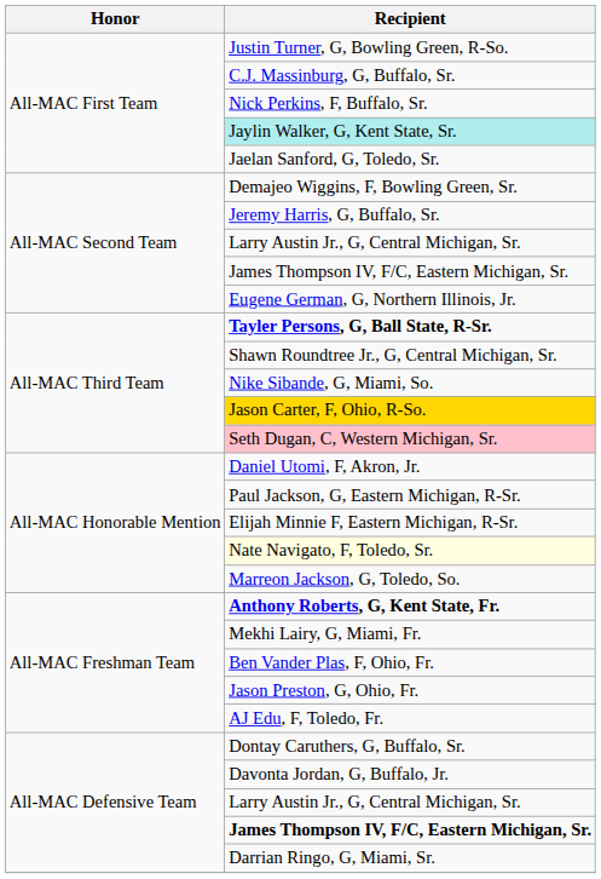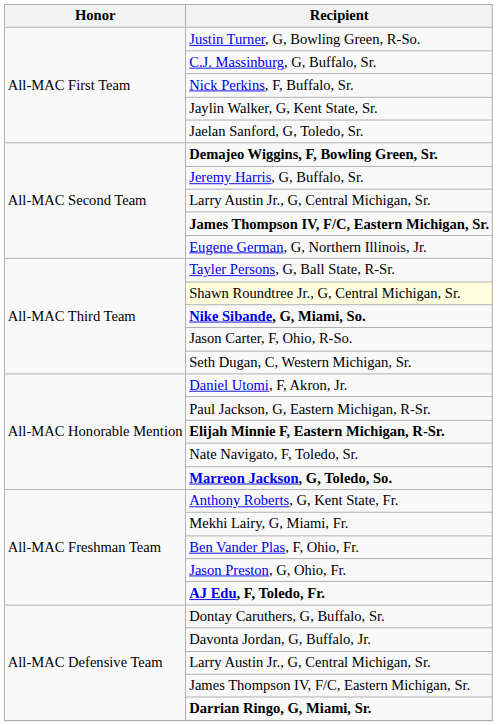 <table class="wikitable" border="1">
 <tr>
 <th>Honor</th>
 <th>Recipient</th>
 </tr>
 <tr>
 <td rowspan=5 valign=middle>All-MAC First Team</td>
 <td><a href='#'>Justin Turner</a>, G, Bowling Green, R-So.</td>
 </tr>
 <tr>
 <td><a href='#'>C.J. Massinburg</a>, G, Buffalo, Sr.</td>
 </tr>
 <tr>
 <td><a href='#'>Nick Perkins</a>, F, Buffalo, Sr.</td>
 </tr>
 <tr>
-<td style="background: paleturquoise;">Jaylin Walker, G, Kent State, Sr.</td>
+<td>Jaylin Walker, G, Kent State, Sr.</td>
 </tr>
 <tr>
 <td>Jaelan Sanford, G, Toledo, Sr.</td>
 </tr>
 <tr>
 <td rowspan=5 valign=middle>All-MAC Second Team</td>
-<td>Demajeo Wiggins, F, Bowling Green, Sr.</td>
+<td><strong>Demajeo Wiggins, F, Bowling Green, Sr.</strong></td>
 </tr>
 <tr>
 <td><a href='#'>Jeremy Harris</a>, G, Buffalo, Sr.</td>
 </tr>
 <tr>
 <td>Larry Austin Jr., G, Central Michigan, Sr.</td>
 </tr>
 <tr>
-<td>James Thompson IV, F/C, Eastern Michigan, Sr.</td>
+<td><strong>James Thompson IV, F/C, Eastern Michigan, Sr.</strong></td>
 </tr>
 <tr>
 <td><a href='#'>Eugene German</a>, G, Northern Illinois, Jr.</td>
 </tr>
 <tr>
 <td rowspan=5 valign=middle>All-MAC Third Team</td>
-<td><strong><a href='#'>Tayler Persons</a>, G, Ball State, R-Sr.</strong></td>
+<td><a href='#'>Tayler Persons</a>, G, Ball State, R-Sr.</td>
 </tr>
 <tr>
-<td>Shawn Roundtree Jr., G, Central Michigan, Sr.</td>
+<td style="background: lightyellow;">Shawn Roundtree Jr., G, Central Michigan, Sr.</td>
 </tr>
 <tr>
-<td><a href='#'>Nike Sibande</a>, G, Miami, So.</td>
+<td><strong><a href='#'>Nike Sibande</a>, G, Miami, So.</strong></td>
 </tr>
 <tr>
-<td style="background: gold;">Jason Carter, F, Ohio, R-So.</td>
+<td>Jason Carter, F, Ohio, R-So.</td>
 </tr>
 <tr>
-<td style="background: pink;">Seth Dugan, C, Western Michigan, Sr.</td>
+<td>Seth Dugan, C, Western Michigan, Sr.</td>
 </tr>
 <tr>
 <td rowspan=5 valign=middle>All-MAC Honorable Mention</td>
 <td><a href='#'>Daniel Utomi</a>, F, Akron, Jr.</td>
 </tr>
 <tr>
 <td>Paul Jackson, G, Eastern Michigan, R-Sr.</td>
 </tr>
 <tr>
-<td>Elijah Minnie F, Eastern Michigan, R-Sr.</td>
+<td><strong>Elijah Minnie F, Eastern Michigan, R-Sr.</strong></td>
 </tr>
 <tr>
-<td style="background: lightyellow;">Nate Navigato, F, Toledo, Sr.</td>
+<td>Nate Navigato, F, Toledo, Sr.</td>
 </tr>
 <tr>
-<td><a href='#'>Marreon Jackson</a>, G, Toledo, So.</td>
+<td><strong><a href='#'>Marreon Jackson</a>, G, Toledo, So.</strong></td>
 </tr>
 <tr>
 <td rowspan=5 valign=middle>All-MAC Freshman Team</td>
-<td><strong><a href='#'>Anthony Roberts</a>, G, Kent State, Fr.</strong></td>
+<td><a href='#'>Anthony Roberts</a>, G, Kent State, Fr.</td>
 </tr>
 <tr>
 <td>Mekhi Lairy, G, Miami, Fr.</td>
 </tr>
 <tr>
 <td><a href='#'>Ben Vander Plas</a>, F, Ohio, Fr.</td>
 </tr>
 <tr>
 <td><a href='#'>Jason Preston</a>, G, Ohio, Fr.</td>
 </tr>
 <tr>
-<td><a href='#'>AJ Edu</a>, F, Toledo, Fr.</td>
+<td><strong><a href='#'>AJ Edu</a>, F, Toledo, Fr.</strong></td>
 </tr>
 <tr>
 <td rowspan=5 valign=middle>All-MAC Defensive Team</td>
 <td>Dontay Caruthers, G, Buffalo, Sr.</td>
 </tr>
 <tr>
 <td>Davonta Jordan, G, Buffalo, Jr.</td>
 </tr>
 <tr>
 <td>Larry Austin Jr., G, Central Michigan, Sr.</td>
 </tr>
 <tr>
-<td><strong>James Thompson IV, F/C, Eastern Michigan, Sr.</strong></td>
+<td>James Thompson IV, F/C, Eastern Michigan, Sr.</td>
 </tr>
 <tr>
-<td>Darrian Ringo, G, Miami, Sr.</td>
+<td><strong>Darrian Ringo, G, Miami, Sr.</strong></td>
 </tr>
 <tr>
 </tr>
 </table>
